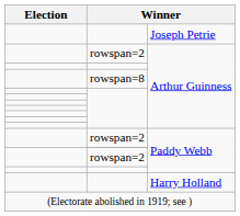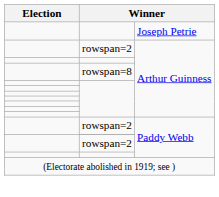 <table class=wikitable>
 <tr>
 <th width=100>Election</th>
 <th width=175 colspan=2>Winner</th>
 </tr>
 <tr>
 <td></td>
 <td></td>
 <td><a href='#'>Joseph Petrie</a></td>
 </tr>
 <tr>
 <td></td>
 <td>rowspan=2 </td>
 <td rowspan=10><a href='#'>Arthur Guinness</a></td>
 </tr>
 <tr>
 <td></td>
 </tr>
 <tr>
 <td></td>
 <td>rowspan=8 </td>
 </tr>
 <tr>
 <td></td>
 </tr>
 <tr>
 <td></td>
 </tr>
 <tr>
 <td></td>
 </tr>
 <tr>
 <td></td>
 </tr>
 <tr>
 <td></td>
 </tr>
 <tr>
 <td></td>
 </tr>
 <tr>
 <td></td>
 </tr>
 <tr>
 <td></td>
 <td>rowspan=2 </td>
 <td rowspan=4><a href='#'>Paddy Webb</a></td>
 </tr>
 <tr>
 <td rowspan=2></td>
 </tr>
 <tr>
 <td>rowspan=2 </td>
 </tr>
 <tr>
 <td></td>
 </tr>
 <tr>
-<td></td>
-<td></td>
-<td><a href='#'>Harry Holland</a></td>
-</tr>
-<tr>
 <td colspan=3 align=center><small>(Electorate abolished in 1919; see )</small></td>
 </tr>
 </table>
